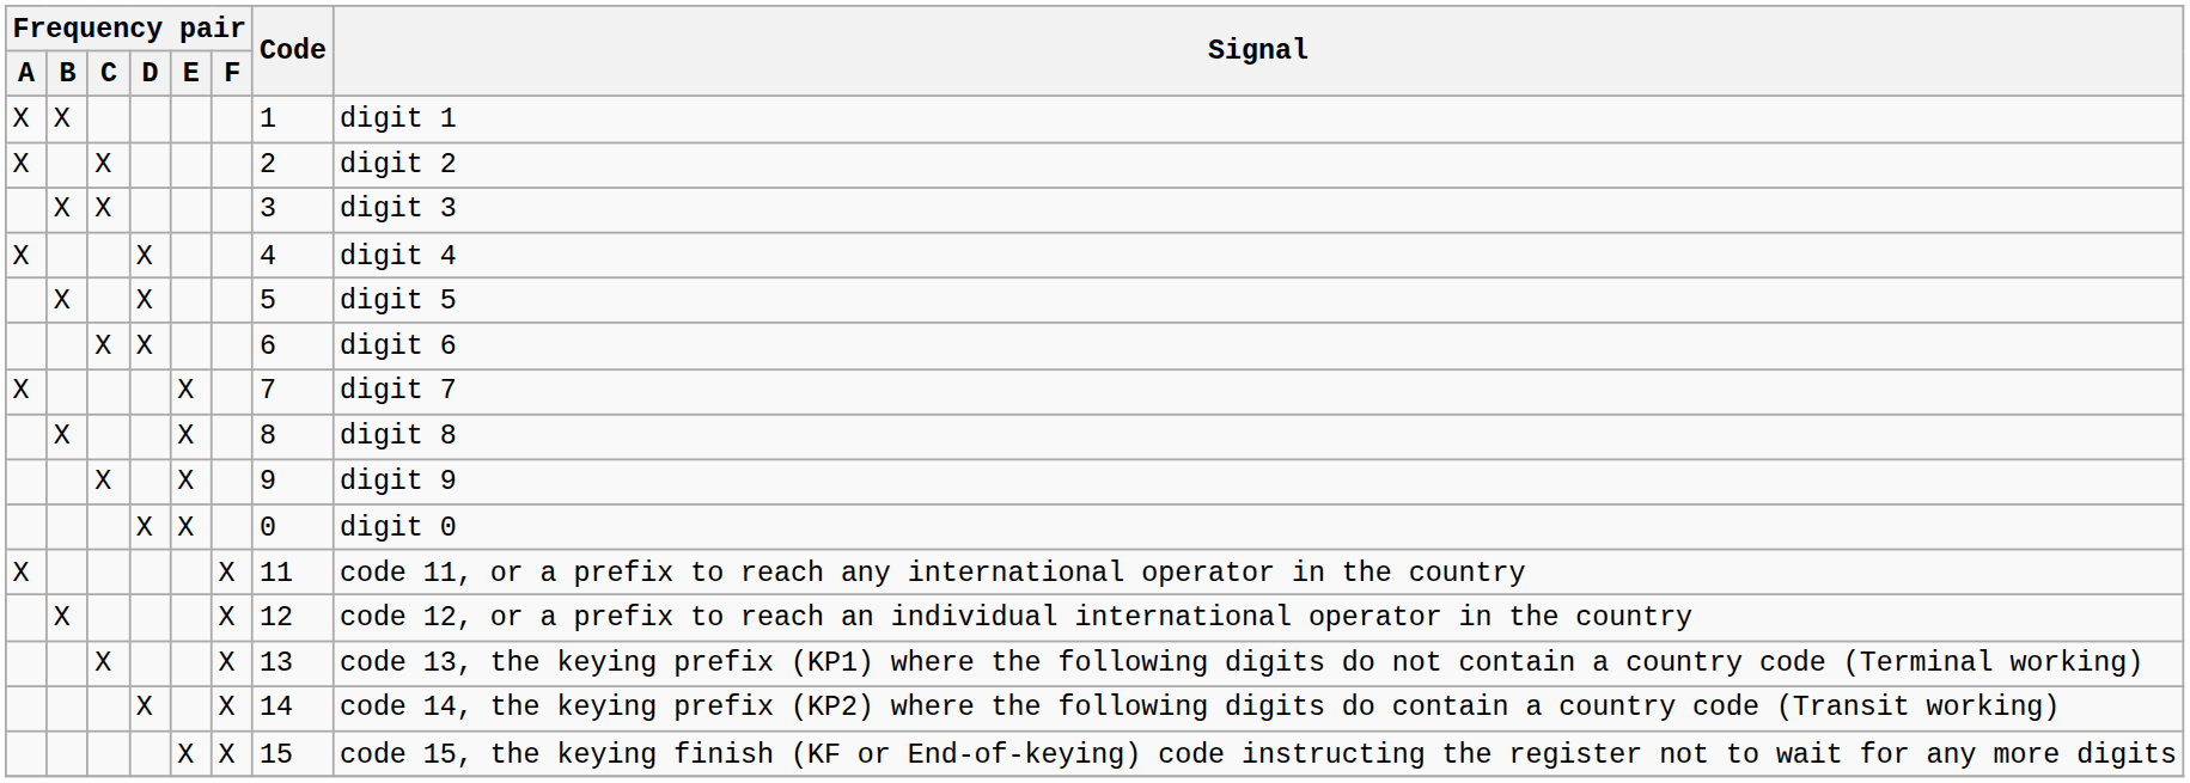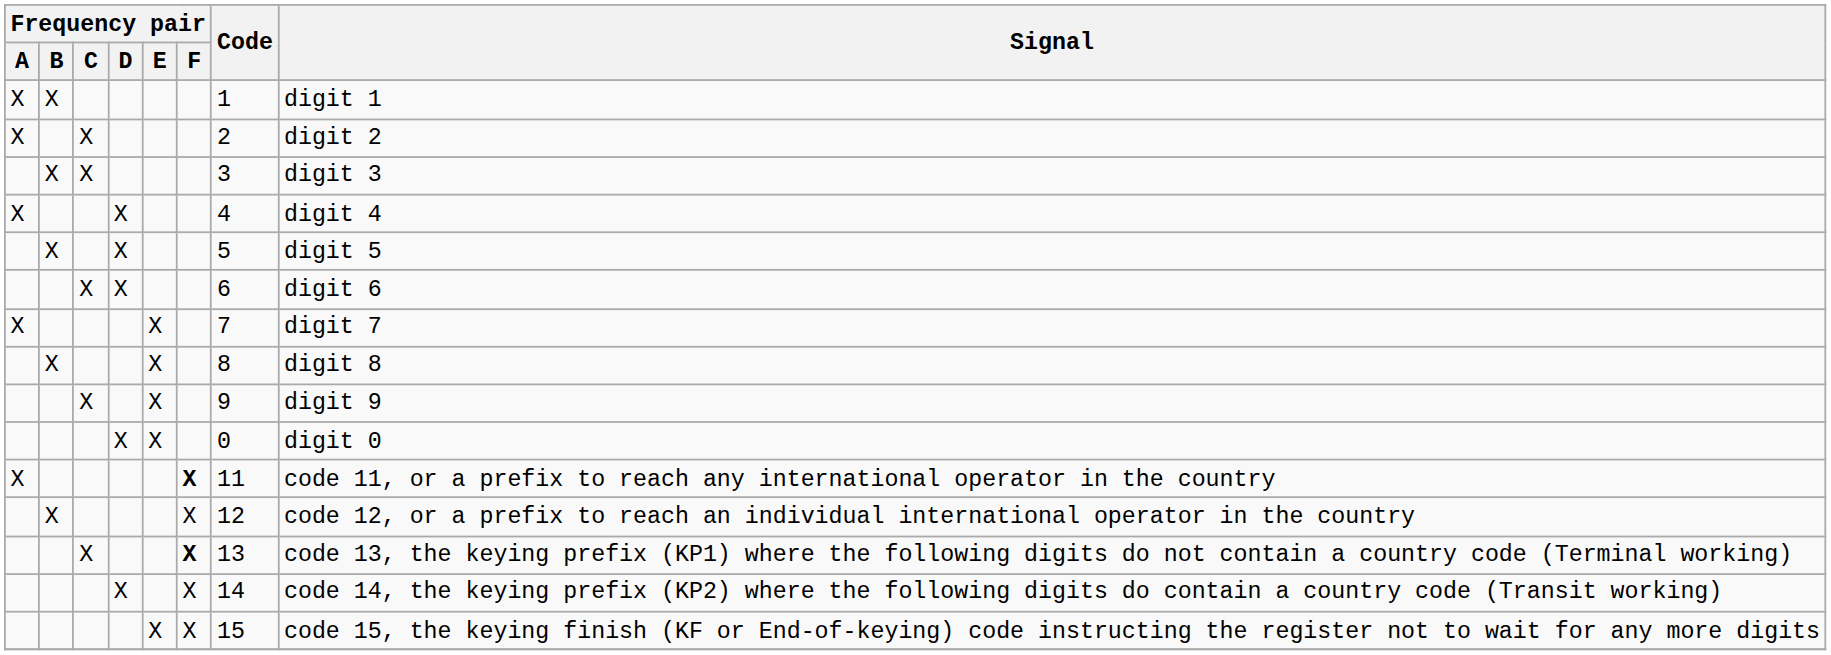 <table class=wikitable>
 <tr>
 <th colspan=6>Frequency pair</th>
 <th rowspan=2>Code</th>
 <th rowspan=2>Signal</th>
 </tr>
 <tr>
 <th>A</th>
 <th>B</th>
 <th>C</th>
 <th>D</th>
 <th>E</th>
 <th>F</th>
 </tr>
 <tr>
 <td>X</td>
 <td>X</td>
 <td></td>
 <td></td>
 <td></td>
 <td></td>
 <td>1</td>
 <td>digit 1</td>
 </tr>
 <tr>
 <td>X</td>
 <td></td>
 <td>X</td>
 <td></td>
 <td></td>
 <td></td>
 <td>2</td>
 <td>digit 2</td>
 </tr>
 <tr>
 <td></td>
 <td>X</td>
 <td>X</td>
 <td></td>
 <td></td>
 <td></td>
 <td>3</td>
 <td>digit 3</td>
 </tr>
 <tr>
 <td>X</td>
 <td></td>
 <td></td>
 <td>X</td>
 <td></td>
 <td></td>
 <td>4</td>
 <td>digit 4</td>
 </tr>
 <tr>
 <td></td>
 <td>X</td>
 <td></td>
 <td>X</td>
 <td></td>
 <td></td>
 <td>5</td>
 <td>digit 5</td>
 </tr>
 <tr>
 <td></td>
 <td></td>
 <td>X</td>
 <td>X</td>
 <td></td>
 <td></td>
 <td>6</td>
 <td>digit 6</td>
 </tr>
 <tr>
 <td>X</td>
 <td></td>
 <td></td>
 <td></td>
 <td>X</td>
 <td></td>
 <td>7</td>
 <td>digit 7</td>
 </tr>
 <tr>
 <td></td>
 <td>X</td>
 <td></td>
 <td></td>
 <td>X</td>
 <td></td>
 <td>8</td>
 <td>digit 8</td>
 </tr>
 <tr>
 <td></td>
 <td></td>
 <td>X</td>
 <td></td>
 <td>X</td>
 <td></td>
 <td>9</td>
 <td>digit 9</td>
 </tr>
 <tr>
 <td></td>
 <td></td>
 <td></td>
 <td>X</td>
 <td>X</td>
 <td></td>
 <td>0</td>
 <td>digit 0</td>
 </tr>
 <tr>
 <td>X</td>
 <td></td>
 <td></td>
 <td></td>
 <td></td>
-<td>X</td>
+<td><strong>X</strong></td>
 <td>11</td>
 <td>code 11, or a prefix to reach any international operator in the country</td>
 </tr>
 <tr>
 <td></td>
 <td>X</td>
 <td></td>
 <td></td>
 <td></td>
 <td>X</td>
 <td>12</td>
 <td>code 12, or a prefix to reach an individual international operator in the country</td>
 </tr>
 <tr>
 <td></td>
 <td></td>
 <td>X</td>
 <td></td>
 <td></td>
-<td>X</td>
+<td><strong>X</strong></td>
 <td>13</td>
 <td>code 13, the keying prefix (KP1) where the following digits do not contain a country code (Terminal working)</td>
 </tr>
 <tr>
 <td></td>
 <td></td>
 <td></td>
 <td>X</td>
 <td></td>
 <td>X</td>
 <td>14</td>
 <td>code 14, the keying prefix (KP2) where the following digits do contain a country code (Transit working)</td>
 </tr>
 <tr>
 <td></td>
 <td></td>
 <td></td>
 <td></td>
 <td>X</td>
 <td>X</td>
 <td>15</td>
 <td>code 15, the keying finish (KF or End-of-keying) code instructing the register not to wait for any more digits</td>
 </tr>
 <tr>
 </tr>
 </table>
